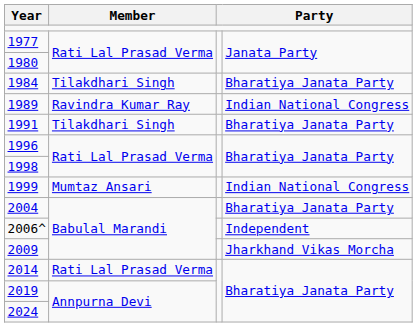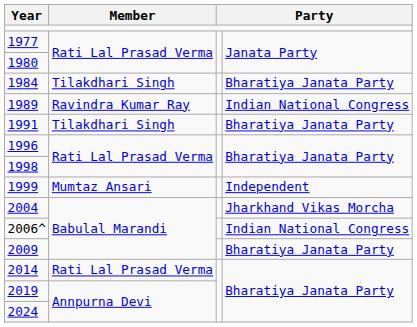 <table class="wikitable">
 <tr>
 <th>Year</th>
 <th>Member</th>
 <th colspan="2">Party</th>
 </tr>
 <tr>
 <td colspan="4"></td>
 </tr>
 <tr>
 <td><a href='#'>1977</a></td>
 <td rowspan="2"><a href='#'>Rati Lal Prasad Verma</a></td>
 <td rowspan="2" style="background-color: "></td>
 <td rowspan="2"><a href='#'>Janata Party</a></td>
 </tr>
 <tr>
 <td><a href='#'>1980</a></td>
 </tr>
 <tr>
 <td><a href='#'>1984</a></td>
 <td><a href='#'>Tilakdhari Singh</a></td>
 <td style="background-color: "></td>
 <td><a href='#'>Bharatiya Janata Party</a></td>
 </tr>
 <tr>
 <td><a href='#'>1989</a></td>
 <td><a href='#'>Ravindra Kumar Ray</a></td>
 <td style="background-color: "></td>
 <td><a href='#'>Indian National Congress</a></td>
 </tr>
 <tr>
 <td><a href='#'>1991</a></td>
 <td><a href='#'>Tilakdhari Singh</a></td>
 <td style="background-color: "></td>
 <td><a href='#'>Bharatiya Janata Party</a></td>
 </tr>
 <tr>
 <td><a href='#'>1996</a></td>
 <td rowspan="2"><a href='#'>Rati Lal Prasad Verma</a></td>
 <td rowspan="2" style="background-color: "></td>
 <td rowspan="2"><a href='#'>Bharatiya Janata Party</a></td>
 </tr>
 <tr>
 <td><a href='#'>1998</a></td>
 </tr>
 <tr>
 <td><a href='#'>1999</a></td>
 <td><a href='#'>Mumtaz Ansari</a></td>
 <td style="background-color: "></td>
-<td><a href='#'>Indian National Congress</a></td>
+<td><a href='#'>Independent</a></td>
 </tr>
 <tr>
 <td><a href='#'>2004</a></td>
 <td rowspan="3"><a href='#'>Babulal Marandi</a></td>
 <td style="background-color: "></td>
-<td><a href='#'>Bharatiya Janata Party</a></td>
+<td><a href='#'>Jharkhand Vikas Morcha</a></td>
 </tr>
 <tr>
 <td>2006^</td>
 <td style="background-color: "></td>
-<td><a href='#'>Independent</a></td>
+<td><a href='#'>Indian National Congress</a></td>
 </tr>
 <tr>
 <td><a href='#'>2009</a></td>
 <td style="background-color: "></td>
-<td><a href='#'>Jharkhand Vikas Morcha</a></td>
+<td><a href='#'>Bharatiya Janata Party</a></td>
 </tr>
 <tr>
 <td><a href='#'>2014</a></td>
 <td><a href='#'>Rati Lal Prasad Verma</a></td>
 <td rowspan="3" style="background-color: "></td>
 <td rowspan="3"><a href='#'>Bharatiya Janata Party</a></td>
 </tr>
 <tr>
 <td><a href='#'>2019</a></td>
 <td rowspan="2"><a href='#'>Annpurna Devi</a></td>
 </tr>
 <tr>
 <td><a href='#'>2024</a></td>
 </tr>
 </table>
